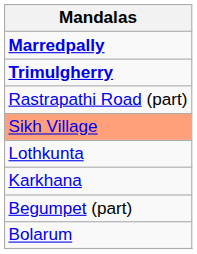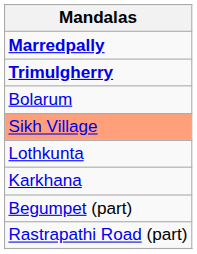 <table class="wikitable sortable static-row-numbers static-row-header-hash">
 <tr>
 <th>Mandalas</th>
 </tr>
 <tr>
 <td><strong><a href='#'>Marredpally</a></strong></td>
 </tr>
 <tr>
 <td><strong><a href='#'>Trimulgherry</a></strong></td>
 </tr>
 <tr>
-<td><a href='#'>Rastrapathi Road</a> (part)</td>
+<td><a href='#'>Bolarum</a></td>
 </tr>
 <tr>
 <td style="background: lightsalmon;"><a href='#'>Sikh Village</a></td>
 </tr>
 <tr>
 <td><a href='#'>Lothkunta</a></td>
 </tr>
 <tr>
 <td><a href='#'>Karkhana</a></td>
 </tr>
 <tr>
 <td><a href='#'>Begumpet</a> (part)</td>
 </tr>
 <tr>
-<td><a href='#'>Bolarum</a></td>
+<td><a href='#'>Rastrapathi Road</a> (part)</td>
 </tr>
 <tr>
 </tr>
 </table>
